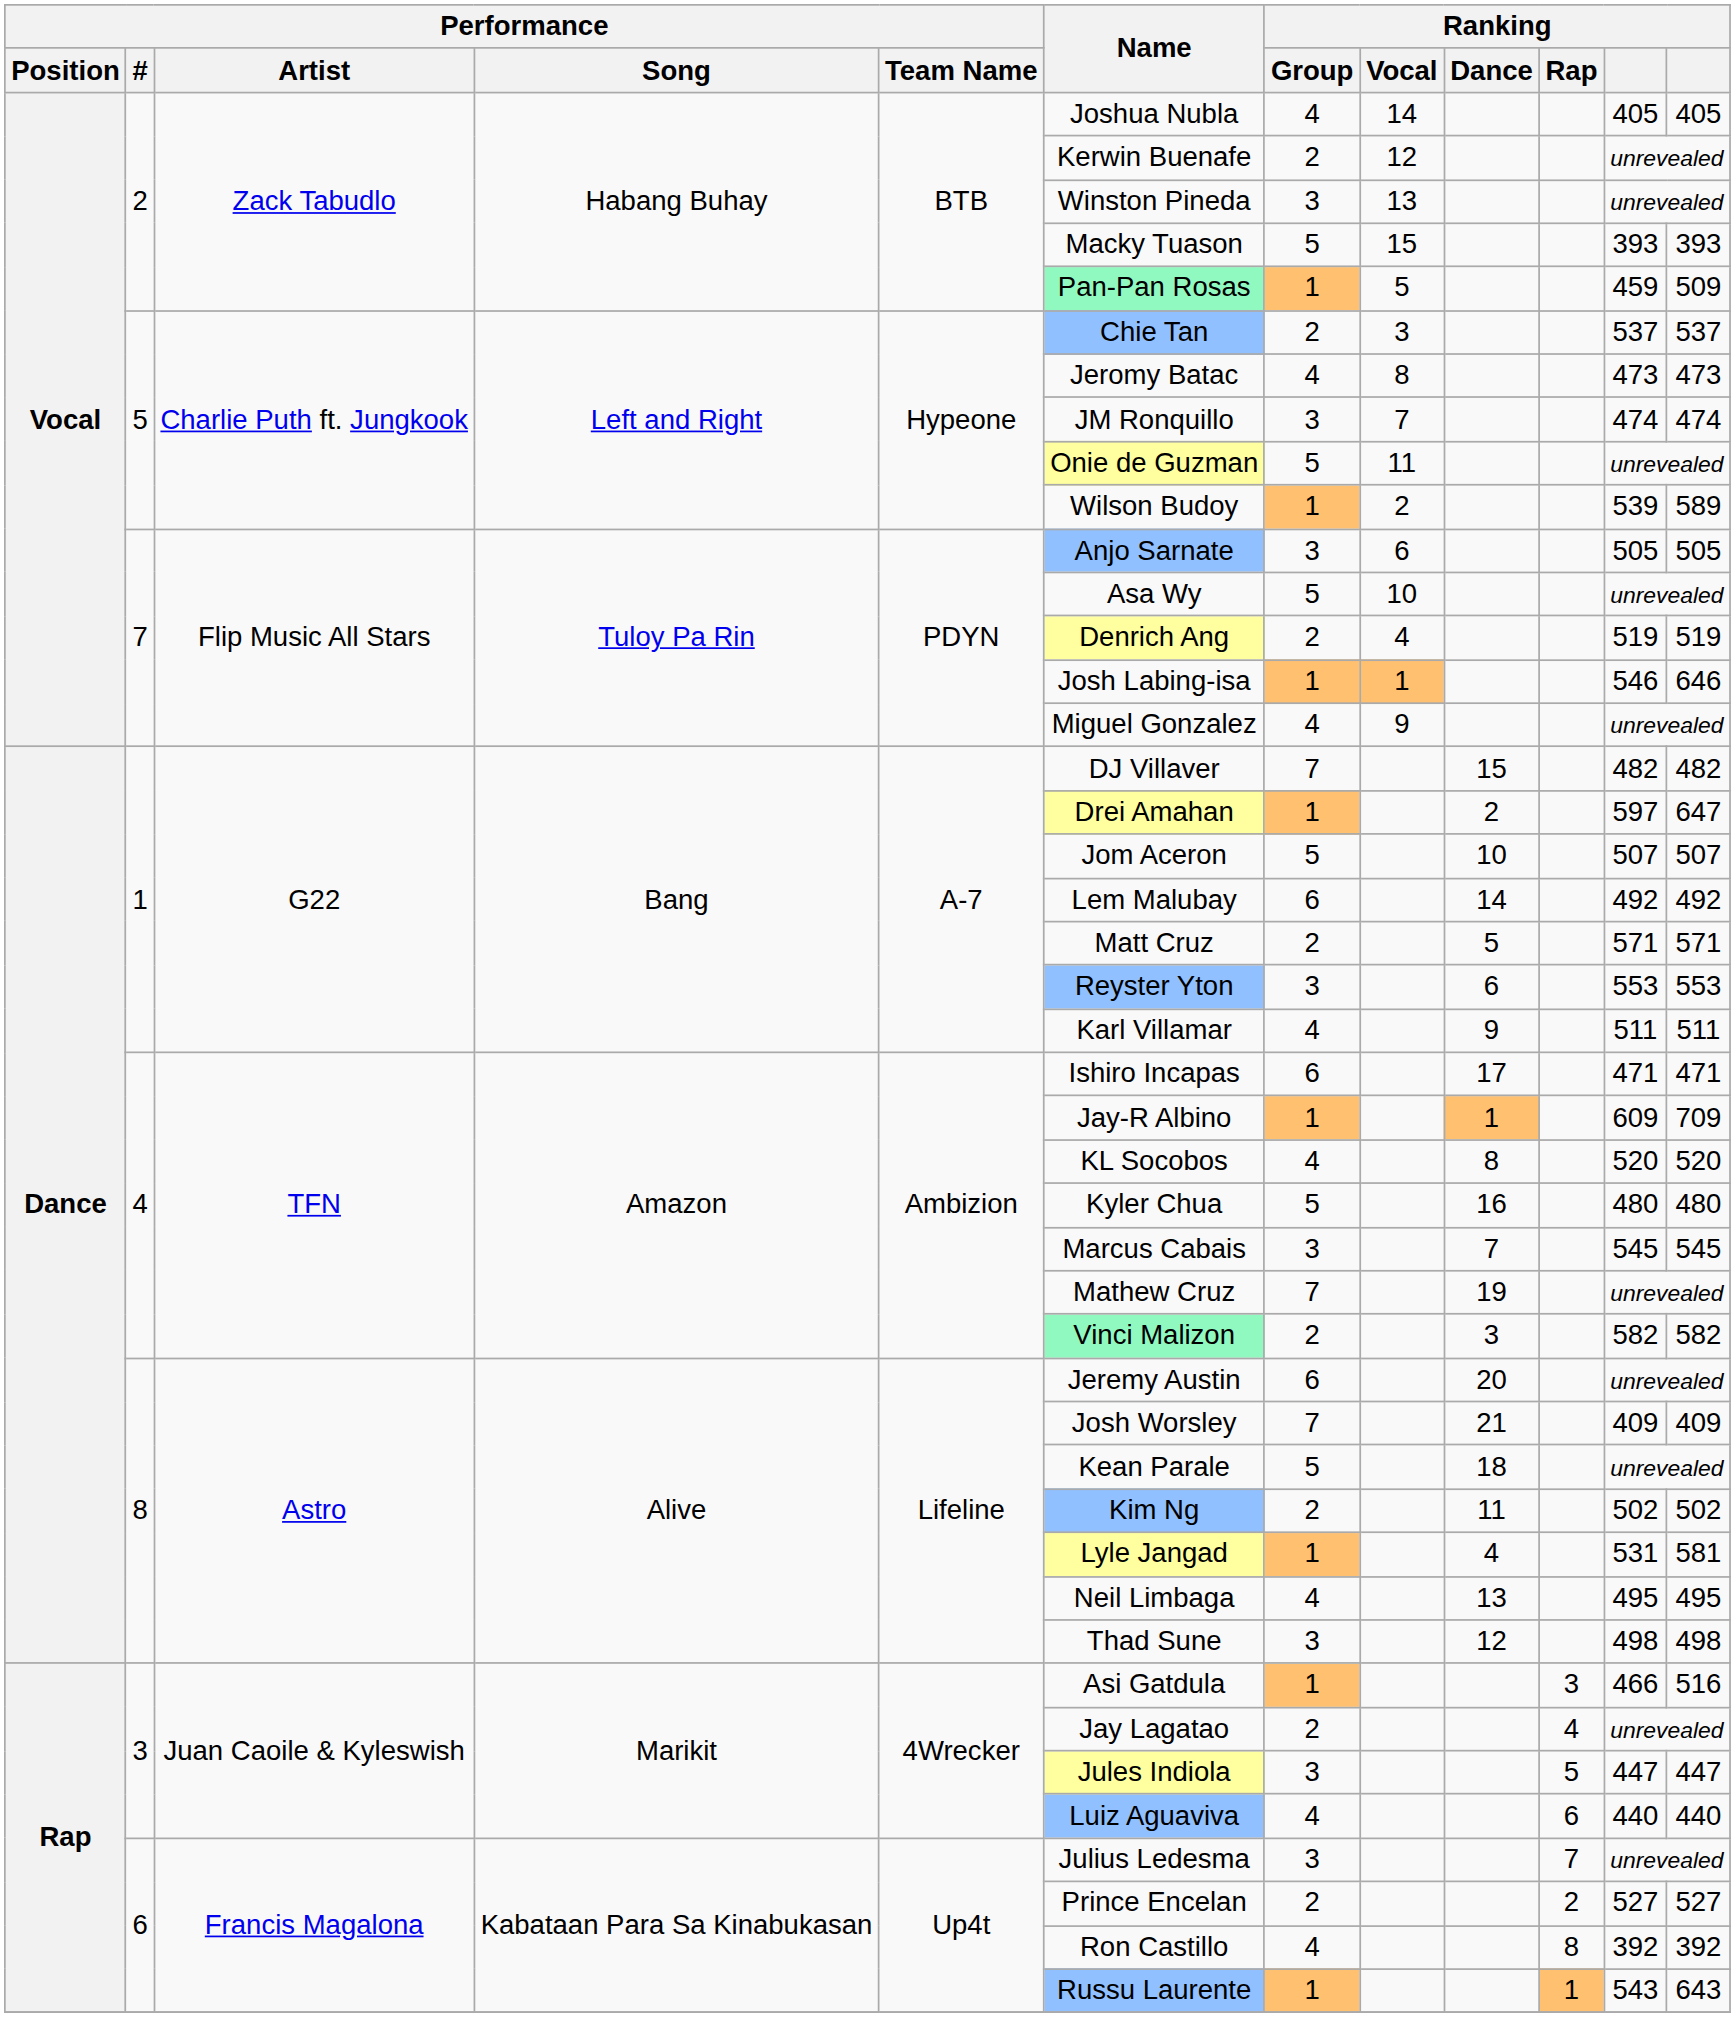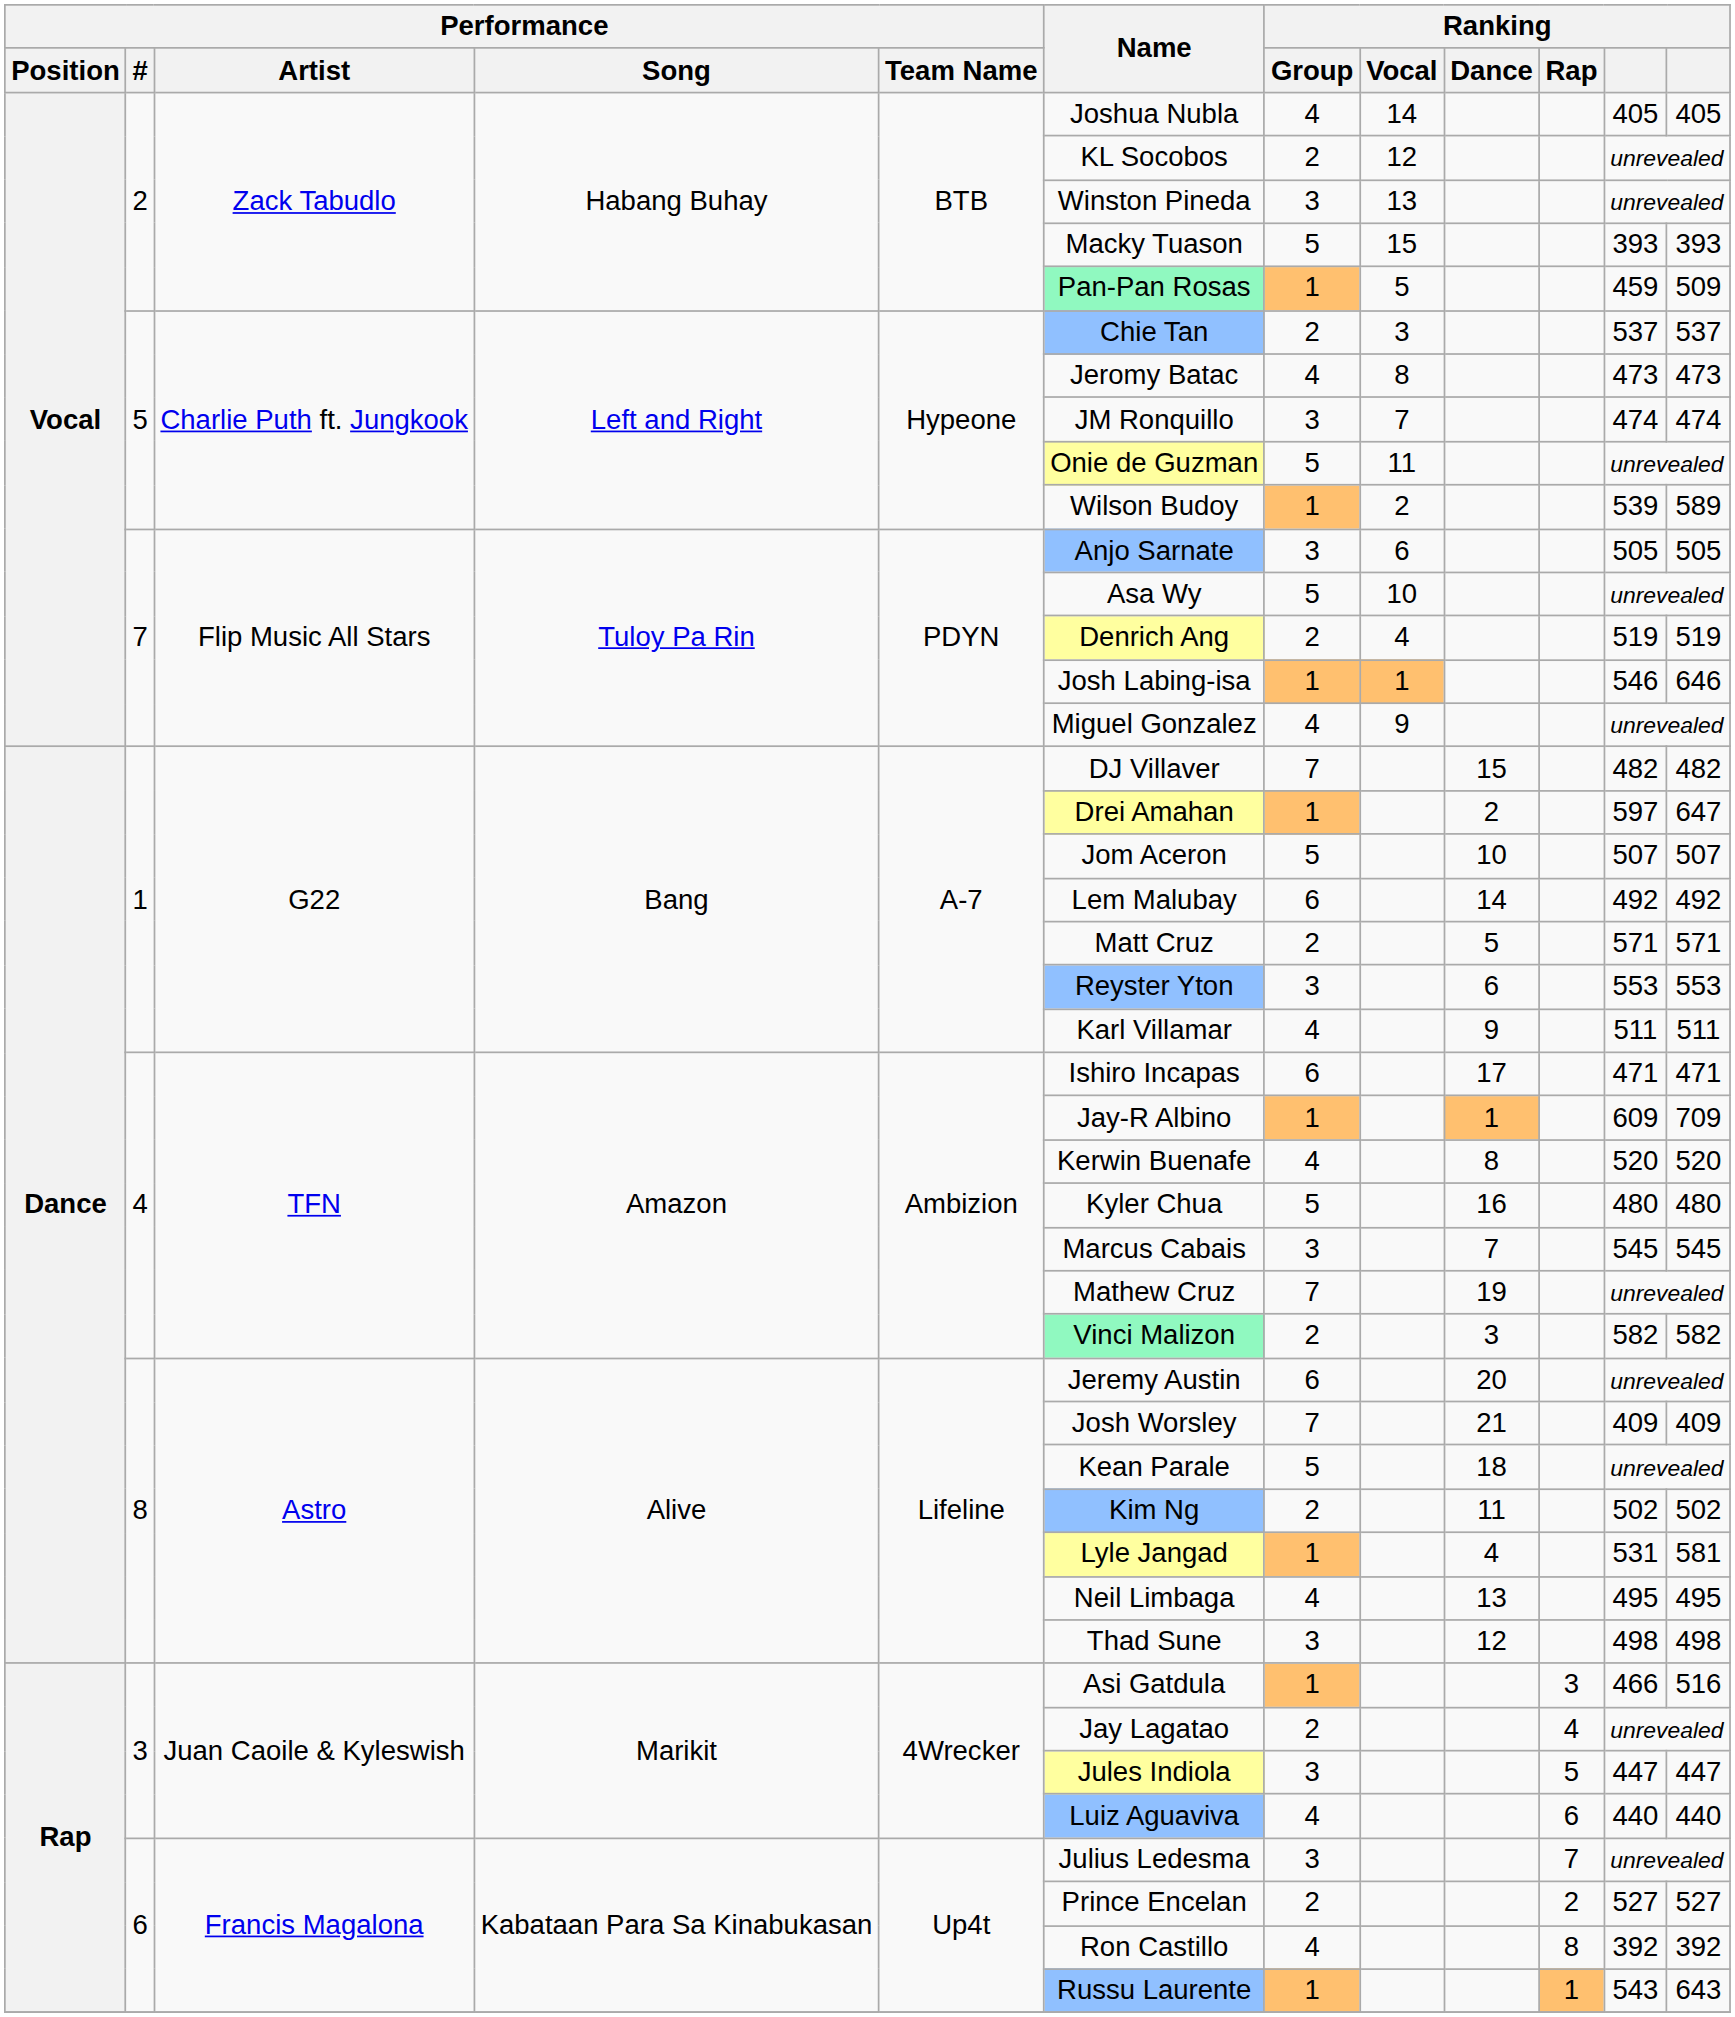 <table class="wikitable sortable" style="text-align:center;">
 <tr>
 <th colspan="5">Performance</th>
 <th class=unsortable rowspan=2>Name</th>
 <th colspan="6">Ranking</th>
 </tr>
 <tr>
 <th class=unsortable>Position</th>
 <th>#</th>
 <th class=unsortable>Artist</th>
 <th class=unsortable>Song</th>
 <th class=unsortable>Team Name</th>
 <th>Group</th>
 <th>Vocal</th>
 <th>Dance</th>
 <th>Rap</th>
 <th></th>
 <th></th>
 </tr>
 <tr>
 <th rowspan="15">Vocal</th>
 <td rowspan="5">2</td>
 <td rowspan="5"><a href='#'>Zack Tabudlo</a></td>
 <td rowspan="5">Habang Buhay</td>
 <td rowspan="5">BTB</td>
 <td>Joshua Nubla</td>
 <td>4</td>
 <td>14</td>
 <td></td>
 <td></td>
 <td>405</td>
 <td>405</td>
 </tr>
 <tr>
-<td>Kerwin Buenafe</td>
+<td>KL Socobos</td>
 <td>2</td>
 <td>12</td>
 <td></td>
 <td></td>
 <td colspan="2"><small><em>unrevealed</em> </small></td>
 </tr>
 <tr>
 <td>Winston Pineda</td>
 <td>3</td>
 <td>13</td>
 <td></td>
 <td></td>
 <td colspan="2"><small><em>unrevealed</em> </small></td>
 </tr>
 <tr>
 <td>Macky Tuason</td>
 <td>5</td>
 <td>15</td>
 <td></td>
 <td></td>
 <td>393</td>
 <td>393</td>
 </tr>
 <tr>
 <td style="background:#90F9C0">Pan-Pan Rosas</td>
 <td style="background:#FFC06F">1</td>
 <td>5</td>
 <td></td>
 <td></td>
 <td>459</td>
 <td>509</td>
 </tr>
 <tr>
 <td rowspan="5">5</td>
 <td rowspan="5"><a href='#'>Charlie Puth</a> ft. <a href='#'>Jungkook</a></td>
 <td rowspan="5"><a href='#'>Left and Right</a></td>
 <td rowspan="5">Hypeone</td>
 <td style="background:#90C0FF">Chie Tan</td>
 <td>2</td>
 <td>3</td>
 <td></td>
 <td></td>
 <td>537</td>
 <td>537</td>
 </tr>
 <tr>
 <td>Jeromy Batac</td>
 <td>4</td>
 <td>8</td>
 <td></td>
 <td></td>
 <td>473</td>
 <td>473</td>
 </tr>
 <tr>
 <td>JM Ronquillo</td>
 <td>3</td>
 <td>7</td>
 <td></td>
 <td></td>
 <td>474</td>
 <td>474</td>
 </tr>
 <tr>
 <td style="background:#FFFF9F">Onie de Guzman</td>
 <td>5</td>
 <td>11</td>
 <td></td>
 <td></td>
 <td colspan="2"><small><em>unrevealed</em> </small></td>
 </tr>
 <tr>
 <td>Wilson Budoy</td>
 <td style="background:#FFC06F">1</td>
 <td>2</td>
 <td></td>
 <td></td>
 <td>539</td>
 <td>589</td>
 </tr>
 <tr>
 <td rowspan="5">7</td>
 <td rowspan="5">Flip Music All Stars</td>
 <td rowspan="5"><a href='#'>Tuloy Pa Rin</a></td>
 <td rowspan="5">PDYN</td>
 <td style="background:#90C0FF">Anjo Sarnate</td>
 <td>3</td>
 <td>6</td>
 <td></td>
 <td></td>
 <td>505</td>
 <td>505</td>
 </tr>
 <tr>
 <td>Asa Wy</td>
 <td>5</td>
 <td>10</td>
 <td></td>
 <td></td>
 <td colspan="2"><small><em>unrevealed</em> </small></td>
 </tr>
 <tr>
 <td style="background:#FFFF9F">Denrich Ang</td>
 <td>2</td>
 <td>4</td>
 <td></td>
 <td></td>
 <td>519</td>
 <td>519</td>
 </tr>
 <tr>
 <td>Josh Labing-isa</td>
 <td style="background:#FFC06F">1</td>
 <td style="background:#FFC06F">1</td>
 <td></td>
 <td></td>
 <td>546</td>
 <td>646</td>
 </tr>
 <tr>
 <td>Miguel Gonzalez</td>
 <td>4</td>
 <td>9</td>
 <td></td>
 <td></td>
 <td colspan="2"><small><em>unrevealed</em> </small></td>
 </tr>
 <tr>
 <th rowspan="21">Dance</th>
 <td rowspan="7">1</td>
 <td rowspan="7">G22</td>
 <td rowspan="7">Bang</td>
 <td rowspan="7">A-7</td>
 <td>DJ Villaver</td>
 <td>7</td>
 <td></td>
 <td>15</td>
 <td></td>
 <td>482</td>
 <td>482</td>
 </tr>
 <tr>
 <td style="background:#FFFF9F">Drei Amahan</td>
 <td style="background:#FFC06F">1</td>
 <td></td>
 <td>2</td>
 <td></td>
 <td>597</td>
 <td>647</td>
 </tr>
 <tr>
 <td>Jom Aceron</td>
 <td>5</td>
 <td></td>
 <td>10</td>
 <td></td>
 <td>507</td>
 <td>507</td>
 </tr>
 <tr>
 <td>Lem Malubay</td>
 <td>6</td>
 <td></td>
 <td>14</td>
 <td></td>
 <td>492</td>
 <td>492</td>
 </tr>
 <tr>
 <td>Matt Cruz</td>
 <td>2</td>
 <td></td>
 <td>5</td>
 <td></td>
 <td>571</td>
 <td>571</td>
 </tr>
 <tr>
 <td style="background:#90C0FF">Reyster Yton</td>
 <td>3</td>
 <td></td>
 <td>6</td>
 <td></td>
 <td>553</td>
 <td>553</td>
 </tr>
 <tr>
 <td>Karl Villamar</td>
 <td>4</td>
 <td></td>
 <td>9</td>
 <td></td>
 <td>511</td>
 <td>511</td>
 </tr>
 <tr>
 <td rowspan="7">4</td>
 <td rowspan="7"><a href='#'>TFN</a></td>
 <td rowspan="7">Amazon</td>
 <td rowspan="7">Ambizion</td>
 <td>Ishiro Incapas</td>
 <td>6</td>
 <td></td>
 <td>17</td>
 <td></td>
 <td>471</td>
 <td>471</td>
 </tr>
 <tr>
 <td>Jay-R Albino</td>
 <td style="background:#FFC06F">1</td>
 <td></td>
 <td style="background:#FFC06F">1</td>
 <td></td>
 <td>609</td>
 <td>709</td>
 </tr>
 <tr>
-<td>KL Socobos</td>
+<td>Kerwin Buenafe</td>
 <td>4</td>
 <td></td>
 <td>8</td>
 <td></td>
 <td>520</td>
 <td>520</td>
 </tr>
 <tr>
 <td>Kyler Chua</td>
 <td>5</td>
 <td></td>
 <td>16</td>
 <td></td>
 <td>480</td>
 <td>480</td>
 </tr>
 <tr>
 <td>Marcus Cabais</td>
 <td>3</td>
 <td></td>
 <td>7</td>
 <td></td>
 <td>545</td>
 <td>545</td>
 </tr>
 <tr>
 <td>Mathew Cruz</td>
 <td>7</td>
 <td></td>
 <td>19</td>
 <td></td>
 <td colspan="2"><small><em>unrevealed</em> </small></td>
 </tr>
 <tr>
 <td style="background:#90F9C0">Vinci Malizon</td>
 <td>2</td>
 <td></td>
 <td>3</td>
 <td></td>
 <td>582</td>
 <td>582</td>
 </tr>
 <tr>
 <td rowspan="7">8</td>
 <td rowspan="7"><a href='#'>Astro</a></td>
 <td rowspan="7">Alive</td>
 <td rowspan="7">Lifeline</td>
 <td>Jeremy Austin</td>
 <td>6</td>
 <td></td>
 <td>20</td>
 <td></td>
 <td colspan="2"><small><em>unrevealed</em> </small></td>
 </tr>
 <tr>
 <td>Josh Worsley</td>
 <td>7</td>
 <td></td>
 <td>21</td>
 <td></td>
 <td>409</td>
 <td>409</td>
 </tr>
 <tr>
 <td>Kean Parale</td>
 <td>5</td>
 <td></td>
 <td>18</td>
 <td></td>
 <td colspan="2"><small><em>unrevealed</em> </small></td>
 </tr>
 <tr>
 <td style="background:#90C0FF">Kim Ng</td>
 <td>2</td>
 <td></td>
 <td>11</td>
 <td></td>
 <td>502</td>
 <td>502</td>
 </tr>
 <tr>
 <td style="background:#FFFF9F">Lyle Jangad</td>
 <td style="background:#FFC06F">1</td>
 <td></td>
 <td>4</td>
 <td></td>
 <td>531</td>
 <td>581</td>
 </tr>
 <tr>
 <td>Neil Limbaga</td>
 <td>4</td>
 <td></td>
 <td>13</td>
 <td></td>
 <td>495</td>
 <td>495</td>
 </tr>
 <tr>
 <td>Thad Sune</td>
 <td>3</td>
 <td></td>
 <td>12</td>
 <td></td>
 <td>498</td>
 <td>498</td>
 </tr>
 <tr>
 <th rowspan="8">Rap</th>
 <td rowspan="4">3</td>
 <td rowspan="4">Juan Caoile & Kyleswish</td>
 <td rowspan="4">Marikit</td>
 <td rowspan="4">4Wrecker</td>
 <td>Asi Gatdula</td>
 <td style="background:#FFC06F">1</td>
 <td></td>
 <td></td>
 <td>3</td>
 <td>466</td>
 <td>516</td>
 </tr>
 <tr>
 <td>Jay Lagatao</td>
 <td>2</td>
 <td></td>
 <td></td>
 <td>4</td>
 <td colspan="2"><small><em>unrevealed</em> </small></td>
 </tr>
 <tr>
 <td style="background:#FFFF9F">Jules Indiola</td>
 <td>3</td>
 <td></td>
 <td></td>
 <td>5</td>
 <td>447</td>
 <td>447</td>
 </tr>
 <tr>
 <td style="background:#90C0FF">Luiz Aguaviva</td>
 <td>4</td>
 <td></td>
 <td></td>
 <td>6</td>
 <td>440</td>
 <td>440</td>
 </tr>
 <tr>
 <td rowspan="4">6</td>
 <td rowspan="4"><a href='#'>Francis Magalona</a></td>
 <td rowspan="4">Kabataan Para Sa Kinabukasan</td>
 <td rowspan="4">Up4t</td>
 <td>Julius Ledesma</td>
 <td>3</td>
 <td></td>
 <td></td>
 <td>7</td>
 <td colspan="2"><small><em>unrevealed</em> </small></td>
 </tr>
 <tr>
 <td>Prince Encelan</td>
 <td>2</td>
 <td></td>
 <td></td>
 <td>2</td>
 <td>527</td>
 <td>527</td>
 </tr>
 <tr>
 <td>Ron Castillo</td>
 <td>4</td>
 <td></td>
 <td></td>
 <td>8</td>
 <td>392</td>
 <td>392</td>
 </tr>
 <tr>
 <td style="background:#90C0FF">Russu Laurente</td>
 <td style="background:#FFC06F">1</td>
 <td></td>
 <td></td>
 <td style="background:#FFC06F">1</td>
 <td>543</td>
 <td>643</td>
 </tr>
 <tr>
 </tr>
 </table>
